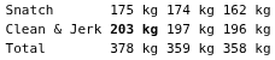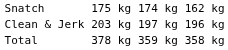 <table>
 <tr>
 <td>Snatch</td>
 <td></td>
 <td>175 kg</td>
 <td></td>
 <td>174 kg</td>
 <td></td>
 <td>162 kg</td>
 </tr>
 <tr>
 <td>Clean & Jerk</td>
 <td></td>
-<td><strong>203 kg</strong></td>
+<td>203 kg</td>
 <td></td>
 <td>197 kg</td>
 <td></td>
 <td>196 kg</td>
 </tr>
 <tr>
 <td>Total</td>
 <td></td>
 <td>378 kg</td>
 <td></td>
 <td>359 kg</td>
 <td></td>
 <td>358 kg</td>
 </tr>
 </table>
